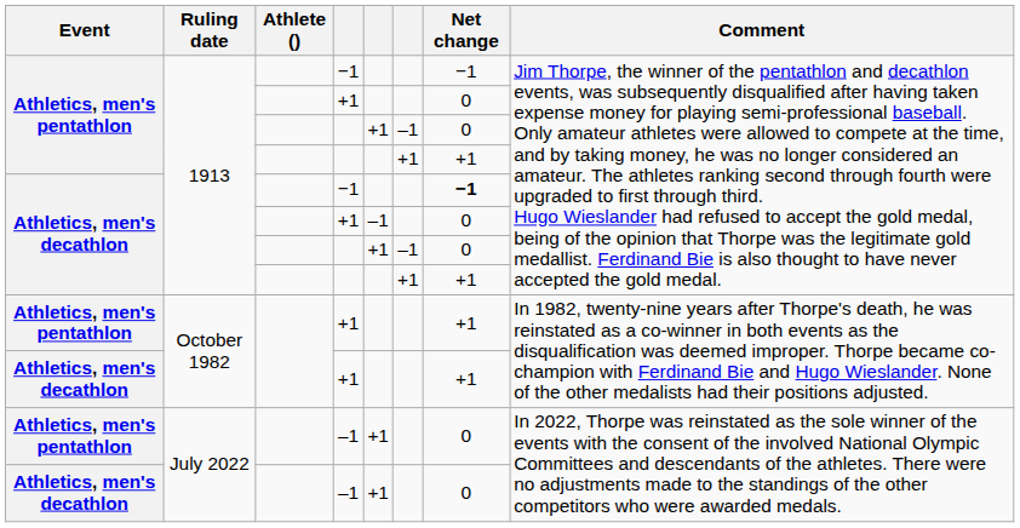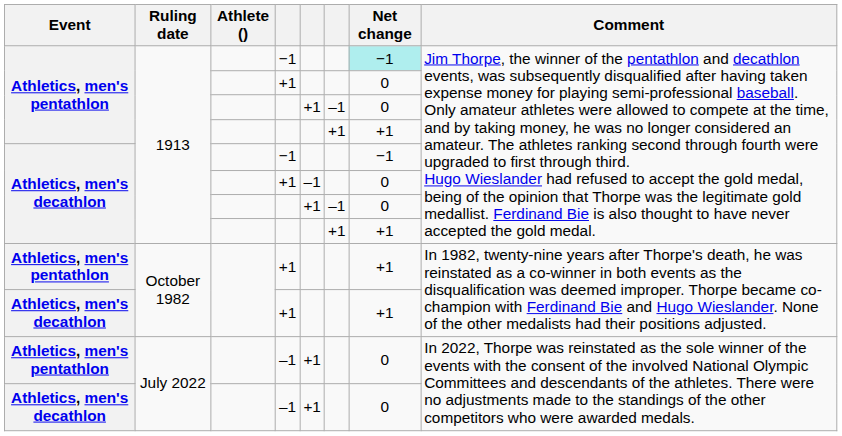 <table class="wikitable" style="text-align:center;">
 <tr>
 <th scope="col">Event</th>
 <th scope="col">Ruling date</th>
 <th scope="col">Athlete ()</th>
 <th scope="col"></th>
 <th scope="col"></th>
 <th scope="col"></th>
 <th scope="col">Net change</th>
 <th scope="col" style="width:50%">Comment</th>
 </tr>
 <tr>
 <th scope="rowgroup" rowspan="4"><a href='#'>Athletics</a>, <a href='#'>men's pentathlon</a></th>
 <td rowspan="8">1913</td>
 <td align="left"> </td>
 <td>−1</td>
 <td></td>
 <td></td>
-<td>−1</td>
+<td style="background: paleturquoise;">−1</td>
 <td rowspan="8" style="text-align:left;"><a href='#'>Jim Thorpe</a>, the winner of the <a href='#'>pentathlon</a> and <a href='#'>decathlon</a> events, was subsequently disqualified after having taken expense money for playing semi-professional <a href='#'>baseball</a>. Only amateur athletes were allowed to compete at the time, and by taking money, he was no longer considered an amateur. The athletes ranking second through fourth were upgraded to first through third.<br><a href='#'>Hugo Wieslander</a> had refused to accept the gold medal, being of the opinion that Thorpe was the legitimate gold medallist. <a href='#'>Ferdinand Bie</a> is also thought to have never accepted the gold medal.</td>
 </tr>
 <tr>
 <td align="left"></td>
 <td>+1</td>
 <td></td>
 <td></td>
 <td>0</td>
 </tr>
 <tr>
 <td align="left"></td>
 <td></td>
 <td>+1</td>
 <td>–1</td>
 <td>0</td>
 </tr>
 <tr>
 <td align="left"></td>
 <td></td>
 <td></td>
 <td>+1</td>
 <td>+1</td>
 </tr>
 <tr>
 <th scope="rowgroup" rowspan="4"><a href='#'>Athletics</a>, <a href='#'>men's decathlon</a></th>
 <td align="left"> </td>
 <td>−1</td>
 <td></td>
 <td></td>
-<td><strong>−1</strong></td>
+<td>−1</td>
 </tr>
 <tr>
 <td align="left"></td>
 <td>+1</td>
 <td>–1</td>
 <td></td>
 <td>0</td>
 </tr>
 <tr>
 <td align="left"></td>
 <td></td>
 <td>+1</td>
 <td>–1</td>
 <td>0</td>
 </tr>
 <tr>
 <td align="left"></td>
 <td></td>
 <td></td>
 <td>+1</td>
 <td>+1</td>
 </tr>
 <tr>
 <th scope="row"><a href='#'>Athletics</a>, <a href='#'>men's pentathlon</a></th>
 <td rowspan="2">October 1982</td>
 <td rowspan="2" align="left"></td>
 <td>+1</td>
 <td></td>
 <td></td>
 <td>+1</td>
 <td rowspan="2" style="text-align:left;">In 1982, twenty-nine years after Thorpe's death, he was reinstated as a co-winner in both events as the disqualification was deemed improper. Thorpe became co-champion with <a href='#'>Ferdinand Bie</a> and <a href='#'>Hugo Wieslander</a>. None of the other medalists had their positions adjusted.</td>
 </tr>
 <tr>
 <th scope="row"><a href='#'>Athletics</a>, <a href='#'>men's decathlon</a></th>
 <td>+1</td>
 <td></td>
 <td></td>
 <td>+1</td>
 </tr>
 <tr>
 <th scope="row"><a href='#'>Athletics</a>, <a href='#'>men's pentathlon</a></th>
 <td rowspan="2">July 2022</td>
 <td align="left"></td>
 <td>–1</td>
 <td>+1</td>
 <td></td>
 <td>0</td>
 <td rowspan="2" style="text-align:left;">In 2022, Thorpe was reinstated as the sole winner of the events with the consent of the involved National Olympic Committees and descendants of the athletes. There were no adjustments made to the standings of the other competitors who were awarded medals.</td>
 </tr>
 <tr>
 <th scope="row"><a href='#'>Athletics</a>, <a href='#'>men's decathlon</a></th>
 <td align="left"></td>
 <td>–1</td>
 <td>+1</td>
 <td></td>
 <td>0</td>
 </tr>
 </table>
